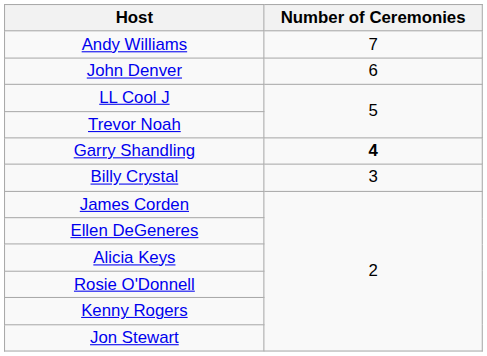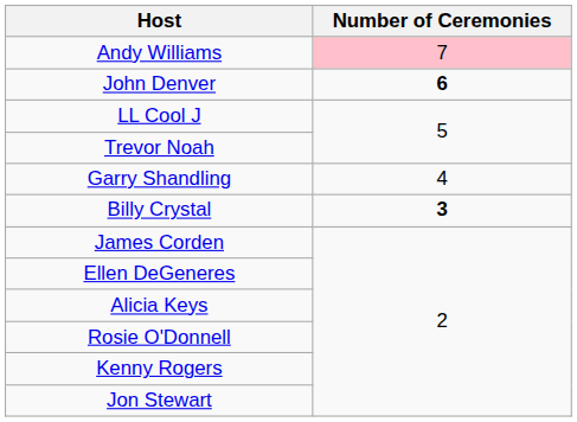 <table class="wikitable" style="text-align: center">
 <tr>
 <th width="240">Host</th>
 <th width="200">Number of Ceremonies</th>
 </tr>
 <tr>
 <td><a href='#'>Andy Williams</a></td>
-<td>7</td>
+<td style="background: pink;">7</td>
 </tr>
 <tr>
 <td><a href='#'>John Denver</a></td>
-<td>6</td>
+<td><strong>6</strong></td>
 </tr>
 <tr>
 <td><a href='#'>LL Cool J</a></td>
 <td rowspan="2">5</td>
 </tr>
 <tr>
 <td><a href='#'>Trevor Noah</a></td>
 </tr>
 <tr>
 <td><a href='#'>Garry Shandling</a></td>
-<td><strong>4</strong></td>
+<td>4</td>
 </tr>
 <tr>
 <td><a href='#'>Billy Crystal</a></td>
-<td>3</td>
+<td><strong>3</strong></td>
 </tr>
 <tr>
 <td><a href='#'>James Corden</a></td>
 <td rowspan="7">2</td>
 </tr>
 <tr>
 <td><a href='#'>Ellen DeGeneres</a></td>
 </tr>
 <tr>
 <td><a href='#'>Alicia Keys</a></td>
 </tr>
 <tr>
 <td><a href='#'>Rosie O'Donnell</a></td>
 </tr>
 <tr>
 <td><a href='#'>Kenny Rogers</a></td>
 </tr>
 <tr>
 <td><a href='#'>Jon Stewart</a></td>
 </tr>
 </table>
